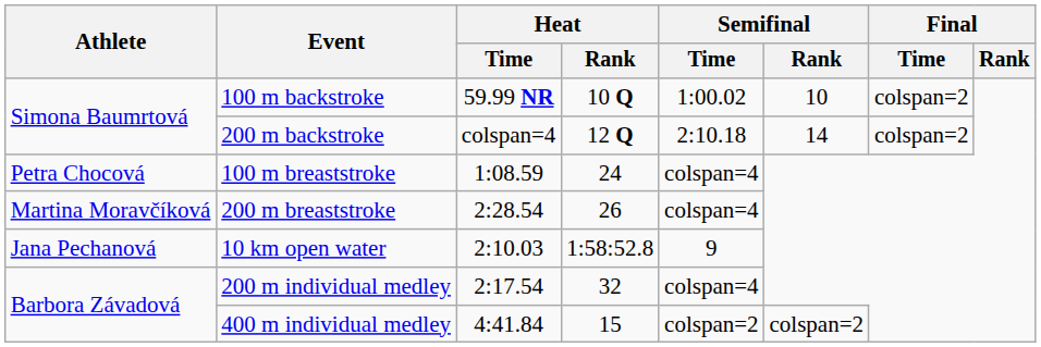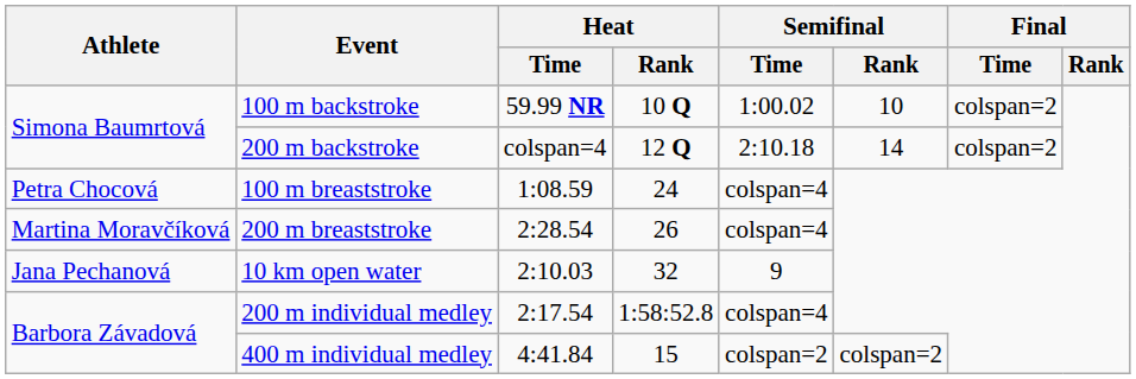 <table class=wikitable style="font-size:90%">
 <tr>
 <th rowspan="2">Athlete</th>
 <th rowspan="2">Event</th>
 <th colspan="2">Heat</th>
 <th colspan="2">Semifinal</th>
 <th colspan="2">Final</th>
 </tr>
 <tr style="font-size:95%">
 <th>Time</th>
 <th>Rank</th>
 <th>Time</th>
 <th>Rank</th>
 <th>Time</th>
 <th>Rank</th>
 </tr>
 <tr align=center>
 <td align=left rowspan=2><a href='#'>Simona Baumrtová</a></td>
 <td align=left><a href='#'>100 m backstroke</a></td>
 <td>59.99 <strong><a href='#'>NR</a></strong></td>
 <td>10 <strong>Q</strong></td>
 <td>1:00.02</td>
 <td>10</td>
 <td>colspan=2 </td>
 </tr>
 <tr align=center>
 <td align=left><a href='#'>200 m backstroke</a></td>
 <td>colspan=4 </td>
 <td>12 <strong>Q</strong></td>
 <td>2:10.18</td>
 <td>14</td>
 <td>colspan=2 </td>
 </tr>
 <tr align=center>
 <td align=left><a href='#'>Petra Chocová</a></td>
 <td align=left><a href='#'>100 m breaststroke</a></td>
 <td>1:08.59</td>
 <td>24</td>
 <td>colspan=4 </td>
 </tr>
 <tr align=center>
 <td align=left><a href='#'>Martina Moravčíková</a></td>
 <td align=left><a href='#'>200 m breaststroke</a></td>
 <td>2:28.54</td>
 <td>26</td>
 <td>colspan=4 </td>
 </tr>
 <tr align=center>
 <td align=left><a href='#'>Jana Pechanová</a></td>
 <td align=left><a href='#'>10 km open water</a></td>
 <td>2:10.03</td>
-<td>1:58:52.8</td>
+<td>32</td>
 <td>9</td>
 </tr>
 <tr align=center>
 <td align=left rowspan=2><a href='#'>Barbora Závadová</a></td>
 <td align=left><a href='#'>200 m individual medley</a></td>
 <td>2:17.54</td>
-<td>32</td>
+<td>1:58:52.8</td>
 <td>colspan=4 </td>
 </tr>
 <tr align=center>
 <td align=left><a href='#'>400 m individual medley</a></td>
 <td>4:41.84</td>
 <td>15</td>
 <td>colspan=2 </td>
 <td>colspan=2 </td>
 </tr>
 </table>
